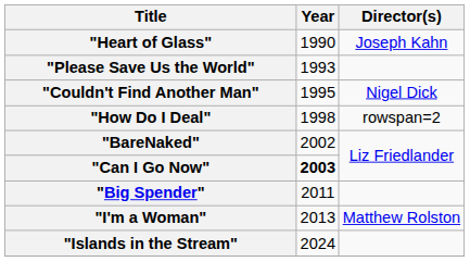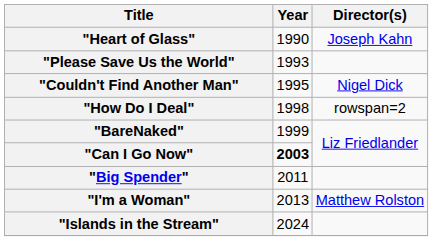 <table class="wikitable plainrowheaders" style="text-align:center;">
 <tr>
 <th scope="col" style="width:18em;">Title</th>
 <th scope="col">Year</th>
 <th scope="col">Director(s)</th>
 </tr>
 <tr>
 <th scope="row">"Heart of Glass"</th>
 <td>1990</td>
 <td><a href='#'>Joseph Kahn</a></td>
 </tr>
 <tr>
 <th scope="row">"Please Save Us the World"</th>
 <td>1993</td>
 </tr>
 <tr>
 <th scope="row">"Couldn't Find Another Man"</th>
 <td>1995</td>
 <td><a href='#'>Nigel Dick</a></td>
 </tr>
 <tr>
 <th scope="row">"How Do I Deal"</th>
 <td>1998</td>
 <td>rowspan=2 </td>
 </tr>
 <tr>
 <th scope="row">"BareNaked"</th>
-<td>2002</td>
+<td>1999</td>
 <td rowspan=2><a href='#'>Liz Friedlander</a></td>
 </tr>
 <tr>
 <th scope="row">"Can I Go Now"</th>
 <td><strong>2003</strong></td>
 </tr>
 <tr>
 <th scope="row">"<a href='#'>Big Spender</a>"</th>
 <td>2011</td>
 <td></td>
 </tr>
 <tr>
 <th scope="row">"I'm a Woman"</th>
 <td>2013</td>
 <td><a href='#'>Matthew Rolston</a></td>
 </tr>
 <tr>
 <th scope="row">"Islands in the Stream"</th>
 <td>2024</td>
 <td></td>
 </tr>
 <tr>
 </tr>
 </table>
